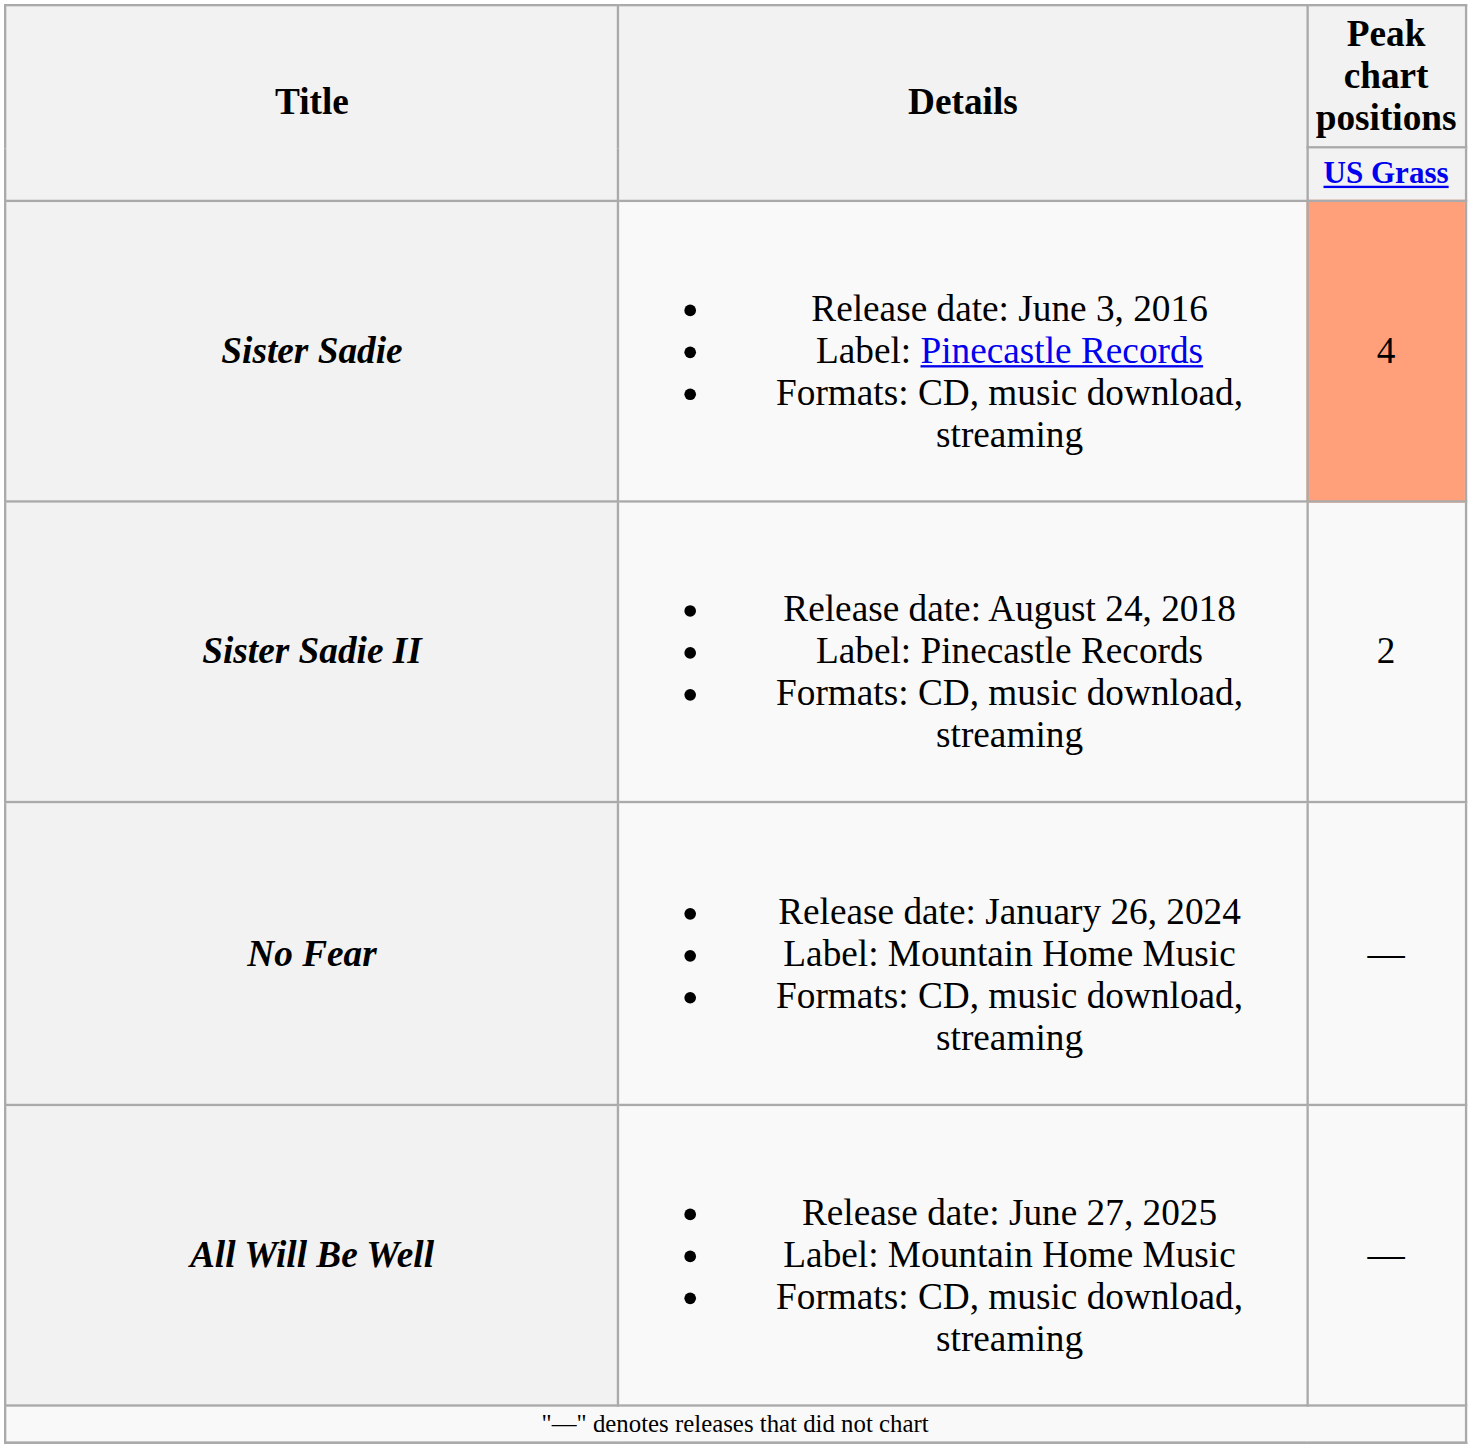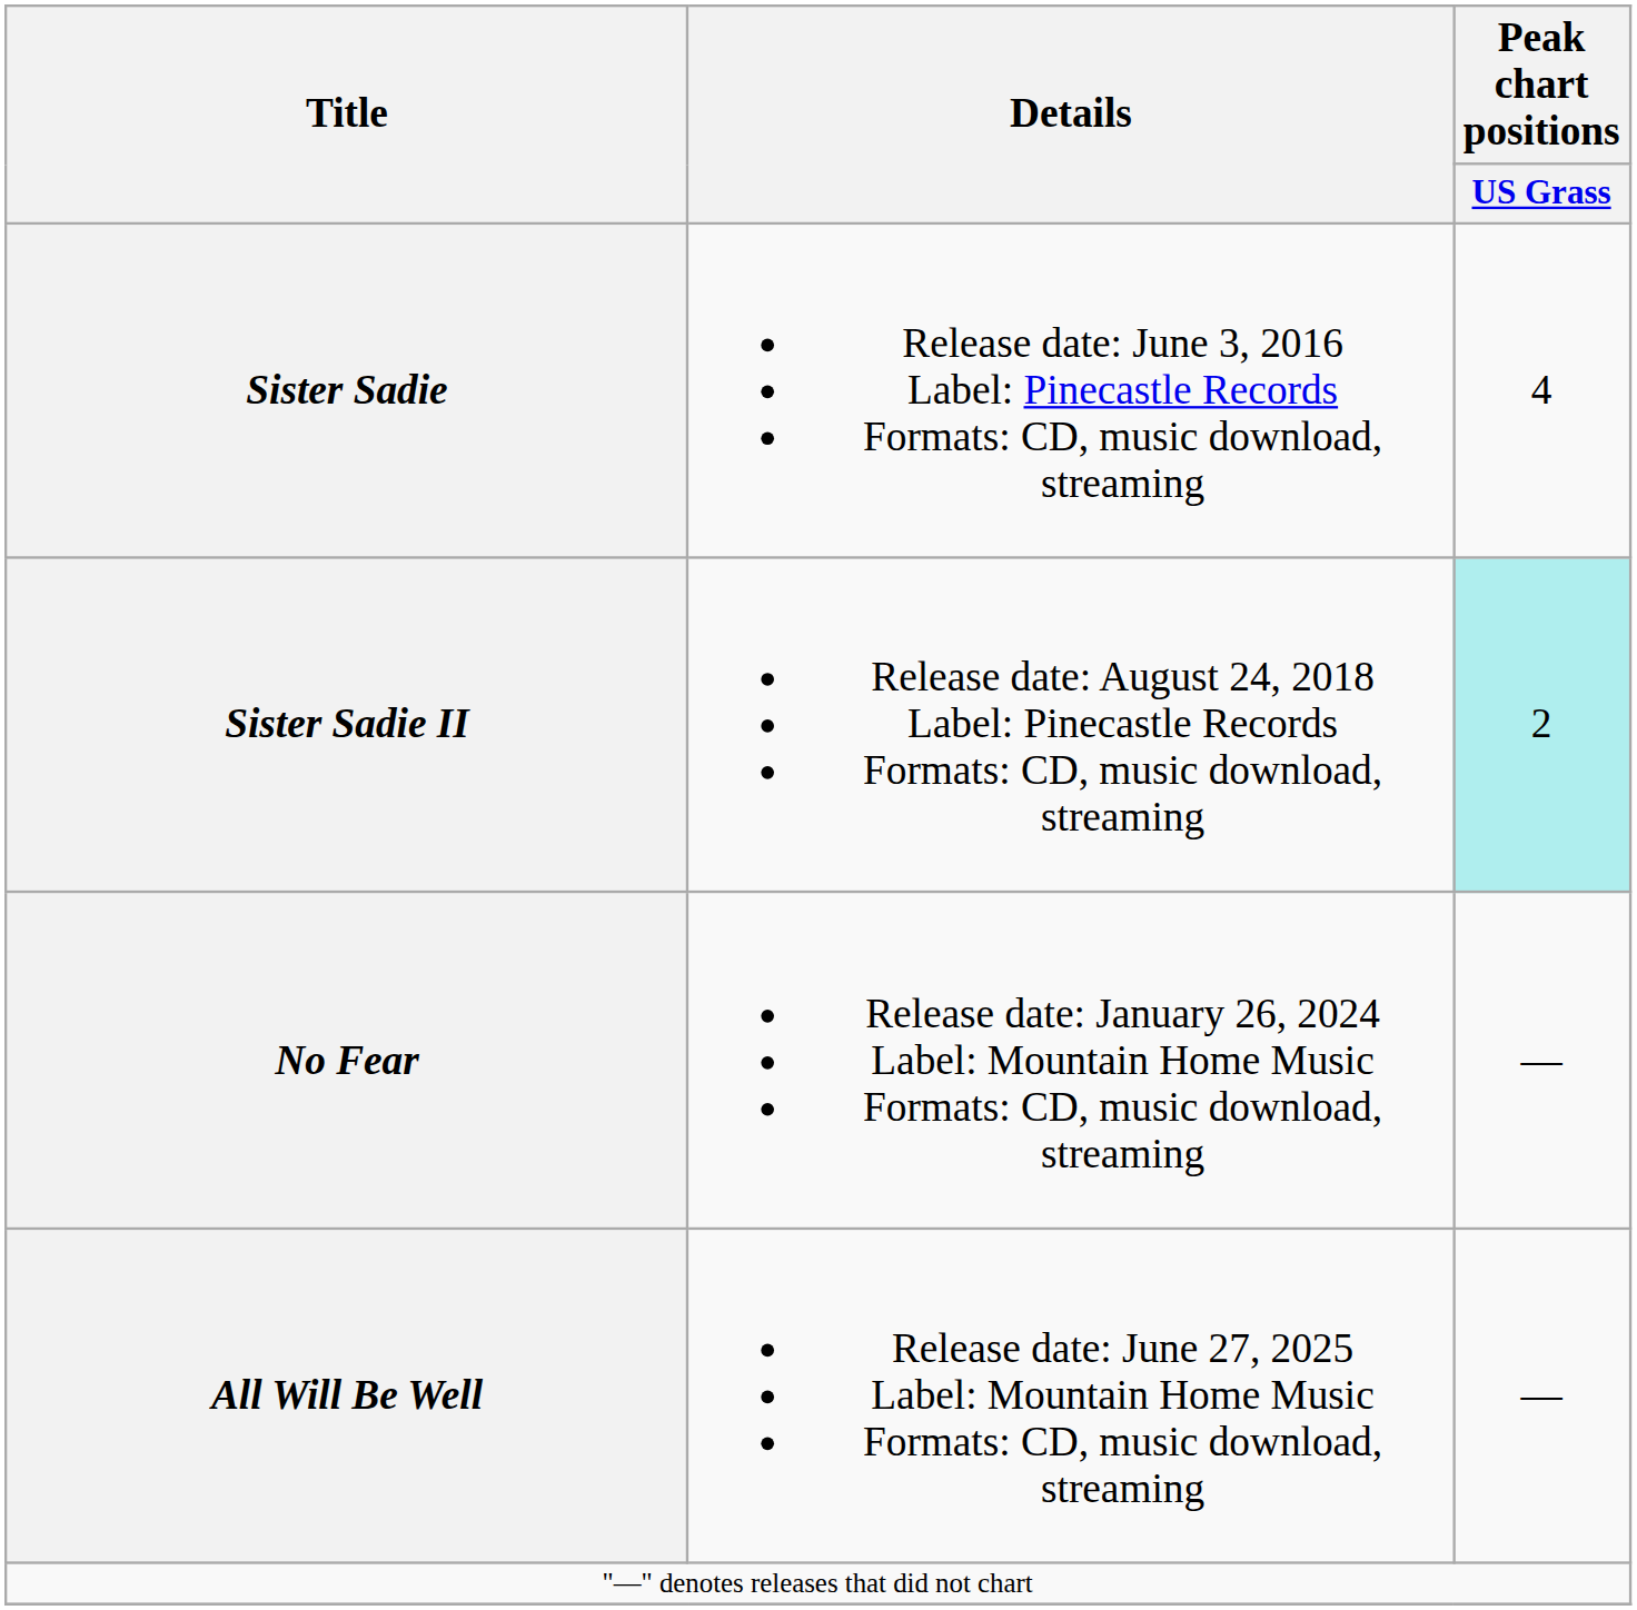 <table class="wikitable plainrowheaders" style="text-align:center;">
 <tr>
 <th rowspan="2" style="width:16em;">Title</th>
 <th rowspan="2" style="width:18em;">Details</th>
 <th colspan="7">Peak chart positions</th>
 </tr>
 <tr style="font-size:smaller;">
 <th width="40"><a href='#'>US Grass</a><br></th>
 </tr>
 <tr>
 <th scope="row"><em>Sister Sadie</em></th>
 <td><br><ul><li>Release date: June 3, 2016</li><li>Label: <a href='#'>Pinecastle Records</a></li><li>Formats: CD, music download, streaming</li></ul></td>
-<td style="background: lightsalmon;">4</td>
+<td>4</td>
 </tr>
 <tr>
 <th scope="row"><em>Sister Sadie II</em></th>
 <td><br><ul><li>Release date: August 24, 2018</li><li>Label: Pinecastle Records</li><li>Formats: CD, music download, streaming</li></ul></td>
-<td>2</td>
+<td style="background: paleturquoise;">2</td>
 </tr>
 <tr>
 <th scope="row"><em>No Fear</em></th>
 <td><br><ul><li>Release date: January 26, 2024</li><li>Label: Mountain Home Music</li><li>Formats: CD, music download, streaming</li></ul></td>
 <td>—</td>
 </tr>
 <tr>
 <th scope="row"><em>All Will Be Well</em></th>
 <td><br><ul><li>Release date: June 27, 2025</li><li>Label: Mountain Home Music</li><li>Formats: CD, music download, streaming</li></ul></td>
 <td>—</td>
 </tr>
 <tr>
 <td colspan="9" style="font-size:8pt">"—" denotes releases that did not chart</td>
 </tr>
 <tr>
 </tr>
 </table>
